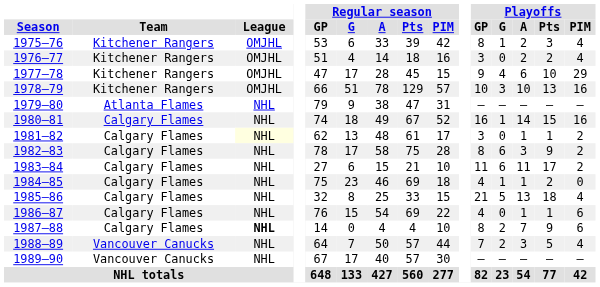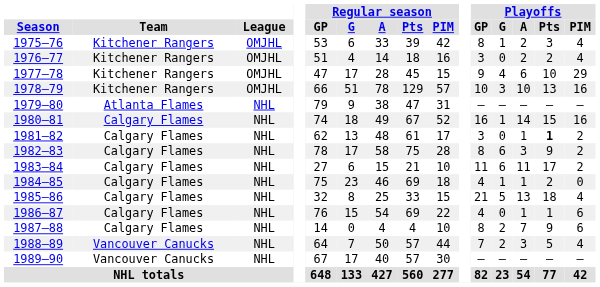 <table border="0" cellpadding="1" cellspacing="0" style="text-align:center; width:50em;">
 <tr style="background:#e0e0e0;">
 <th colspan="3"  bgcolor="#ffffff"> </th>
 <th rowspan="99" bgcolor="#ffffff"> </th>
 <th colspan="5"><a href='#'>Regular season</a></th>
 <th rowspan="99" bgcolor="#ffffff"> </th>
 <th colspan="5"><a href='#'>Playoffs</a></th>
 </tr>
 <tr style="background:#e0e0e0;">
 <th><a href='#'>Season</a></th>
 <th>Team</th>
 <th>League</th>
 <th>GP</th>
 <th><a href='#'>G</a></th>
 <th><a href='#'>A</a></th>
 <th><a href='#'>Pts</a></th>
 <th><a href='#'>PIM</a></th>
 <th>GP</th>
 <th>G</th>
 <th>A</th>
 <th>Pts</th>
 <th>PIM</th>
 </tr>
 <tr>
 <td><a href='#'>1975–76</a></td>
 <td><a href='#'>Kitchener Rangers</a></td>
 <td><a href='#'>OMJHL</a></td>
 <td>53</td>
 <td>6</td>
 <td>33</td>
 <td>39</td>
 <td>42</td>
 <td>8</td>
 <td>1</td>
 <td>2</td>
 <td>3</td>
 <td>4</td>
 </tr>
 <tr style="background:#f0f0f0;">
 <td><a href='#'>1976–77</a></td>
 <td>Kitchener Rangers</td>
 <td>OMJHL</td>
 <td>51</td>
 <td>4</td>
 <td>14</td>
 <td>18</td>
 <td>16</td>
 <td>3</td>
 <td>0</td>
 <td>2</td>
 <td>2</td>
 <td>4</td>
 </tr>
 <tr>
 <td><a href='#'>1977–78</a></td>
 <td>Kitchener Rangers</td>
 <td>OMJHL</td>
 <td>47</td>
 <td>17</td>
 <td>28</td>
 <td>45</td>
 <td>15</td>
 <td>9</td>
 <td>4</td>
 <td>6</td>
 <td>10</td>
 <td>29</td>
 </tr>
 <tr style="background:#f0f0f0;">
 <td><a href='#'>1978–79</a></td>
 <td>Kitchener Rangers</td>
 <td>OMJHL</td>
 <td>66</td>
 <td>51</td>
 <td>78</td>
 <td>129</td>
 <td>57</td>
 <td>10</td>
 <td>3</td>
 <td>10</td>
 <td>13</td>
 <td>16</td>
 </tr>
 <tr>
 <td><a href='#'>1979–80</a></td>
 <td><a href='#'>Atlanta Flames</a></td>
 <td><a href='#'>NHL</a></td>
 <td>79</td>
 <td>9</td>
 <td>38</td>
 <td>47</td>
 <td>31</td>
 <td>—</td>
 <td>—</td>
 <td>—</td>
 <td>—</td>
 <td>—</td>
 </tr>
 <tr style="background:#f0f0f0;">
 <td><a href='#'>1980–81</a></td>
 <td><a href='#'>Calgary Flames</a></td>
 <td>NHL</td>
 <td>74</td>
 <td>18</td>
 <td>49</td>
 <td>67</td>
 <td>52</td>
 <td>16</td>
 <td>1</td>
 <td>14</td>
 <td>15</td>
 <td>16</td>
 </tr>
 <tr>
 <td><a href='#'>1981–82</a></td>
 <td>Calgary Flames</td>
-<td style="background: lightyellow;">NHL</td>
+<td>NHL</td>
 <td>62</td>
 <td>13</td>
 <td>48</td>
 <td>61</td>
 <td>17</td>
 <td>3</td>
 <td>0</td>
 <td>1</td>
-<td>1</td>
+<td><strong>1</strong></td>
 <td>2</td>
 </tr>
 <tr style="background:#f0f0f0;">
 <td><a href='#'>1982–83</a></td>
 <td>Calgary Flames</td>
 <td>NHL</td>
 <td>78</td>
 <td>17</td>
 <td>58</td>
 <td>75</td>
 <td>28</td>
 <td>8</td>
 <td>6</td>
 <td>3</td>
 <td>9</td>
 <td>2</td>
 </tr>
 <tr>
 <td><a href='#'>1983–84</a></td>
 <td>Calgary Flames</td>
 <td>NHL</td>
 <td>27</td>
 <td>6</td>
 <td>15</td>
 <td>21</td>
 <td>10</td>
 <td>11</td>
 <td>6</td>
 <td>11</td>
 <td>17</td>
 <td>2</td>
 </tr>
 <tr style="background:#f0f0f0;">
 <td><a href='#'>1984–85</a></td>
 <td>Calgary Flames</td>
 <td>NHL</td>
 <td>75</td>
 <td>23</td>
 <td>46</td>
 <td>69</td>
 <td>18</td>
 <td>4</td>
 <td>1</td>
 <td>1</td>
 <td>2</td>
 <td>0</td>
 </tr>
 <tr>
 <td><a href='#'>1985–86</a></td>
 <td>Calgary Flames</td>
 <td>NHL</td>
 <td>32</td>
 <td>8</td>
 <td>25</td>
 <td>33</td>
 <td>15</td>
 <td>21</td>
 <td>5</td>
 <td>13</td>
 <td>18</td>
 <td>4</td>
 </tr>
 <tr style="background:#f0f0f0;">
 <td><a href='#'>1986–87</a></td>
 <td>Calgary Flames</td>
 <td>NHL</td>
 <td>76</td>
 <td>15</td>
 <td>54</td>
 <td>69</td>
 <td>22</td>
 <td>4</td>
 <td>0</td>
 <td>1</td>
 <td>1</td>
 <td>6</td>
 </tr>
 <tr>
 <td><a href='#'>1987–88</a></td>
 <td>Calgary Flames</td>
-<td><strong>NHL</strong></td>
+<td>NHL</td>
 <td>14</td>
 <td>0</td>
 <td>4</td>
 <td>4</td>
 <td>10</td>
 <td>8</td>
 <td>2</td>
 <td>7</td>
 <td>9</td>
 <td>6</td>
 </tr>
 <tr style="background:#f0f0f0;">
 <td><a href='#'>1988–89</a></td>
 <td><a href='#'>Vancouver Canucks</a></td>
 <td>NHL</td>
 <td>64</td>
 <td>7</td>
 <td>50</td>
 <td>57</td>
 <td>44</td>
 <td>7</td>
 <td>2</td>
 <td>3</td>
 <td>5</td>
 <td>4</td>
 </tr>
 <tr>
 <td><a href='#'>1989–90</a></td>
 <td>Vancouver Canucks</td>
 <td>NHL</td>
 <td>67</td>
 <td>17</td>
 <td>40</td>
 <td>57</td>
 <td>30</td>
 <td>—</td>
 <td>—</td>
 <td>—</td>
 <td>—</td>
 <td>—</td>
 </tr>
 <tr>
 </tr>
 <tr style="background:#e0e0e0;">
 <th colspan="3">NHL totals</th>
 <th>648</th>
 <th>133</th>
 <th>427</th>
 <th>560</th>
 <th>277</th>
 <th>82</th>
 <th>23</th>
 <th>54</th>
 <th>77</th>
 <th>42</th>
 </tr>
 </table>
